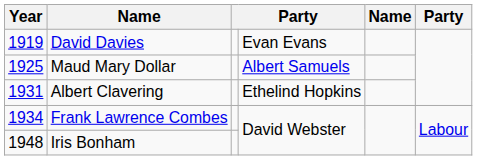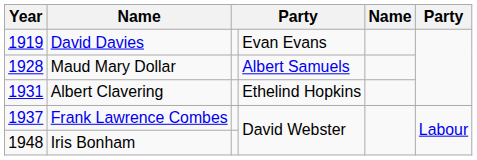 <table class="wikitable">
 <tr>
 <th>Year</th>
 <th>Name</th>
 <th colspan=2>Party</th>
 <th>Name</th>
 <th colspan=2>Party</th>
 </tr>
 <tr>
 <td><a href='#'>1919</a></td>
 <td><a href='#'>David Davies</a></td>
 <td></td>
 <td>Evan Evans</td>
 <td></td>
 </tr>
 <tr>
-<td><a href='#'>1925</a></td>
+<td><a href='#'>1928</a></td>
 <td>Maud Mary Dollar</td>
 <td></td>
 <td><a href='#'>Albert Samuels</a></td>
 <td></td>
 </tr>
 <tr>
 <td><a href='#'>1931</a></td>
 <td>Albert Clavering</td>
 <td></td>
 <td>Ethelind Hopkins</td>
 <td></td>
 </tr>
 <tr>
-<td><a href='#'>1934</a></td>
+<td><a href='#'>1937</a></td>
 <td><a href='#'>Frank Lawrence Combes</a></td>
 <td></td>
 <td rowspan=2>David Webster</td>
 <td rowspan=2 style="background-color: "></td>
 <td rowspan=2><a href='#'>Labour</a></td>
 </tr>
 <tr>
 <td>1948</td>
 <td>Iris Bonham</td>
 <td></td>
 </tr>
 </table>
